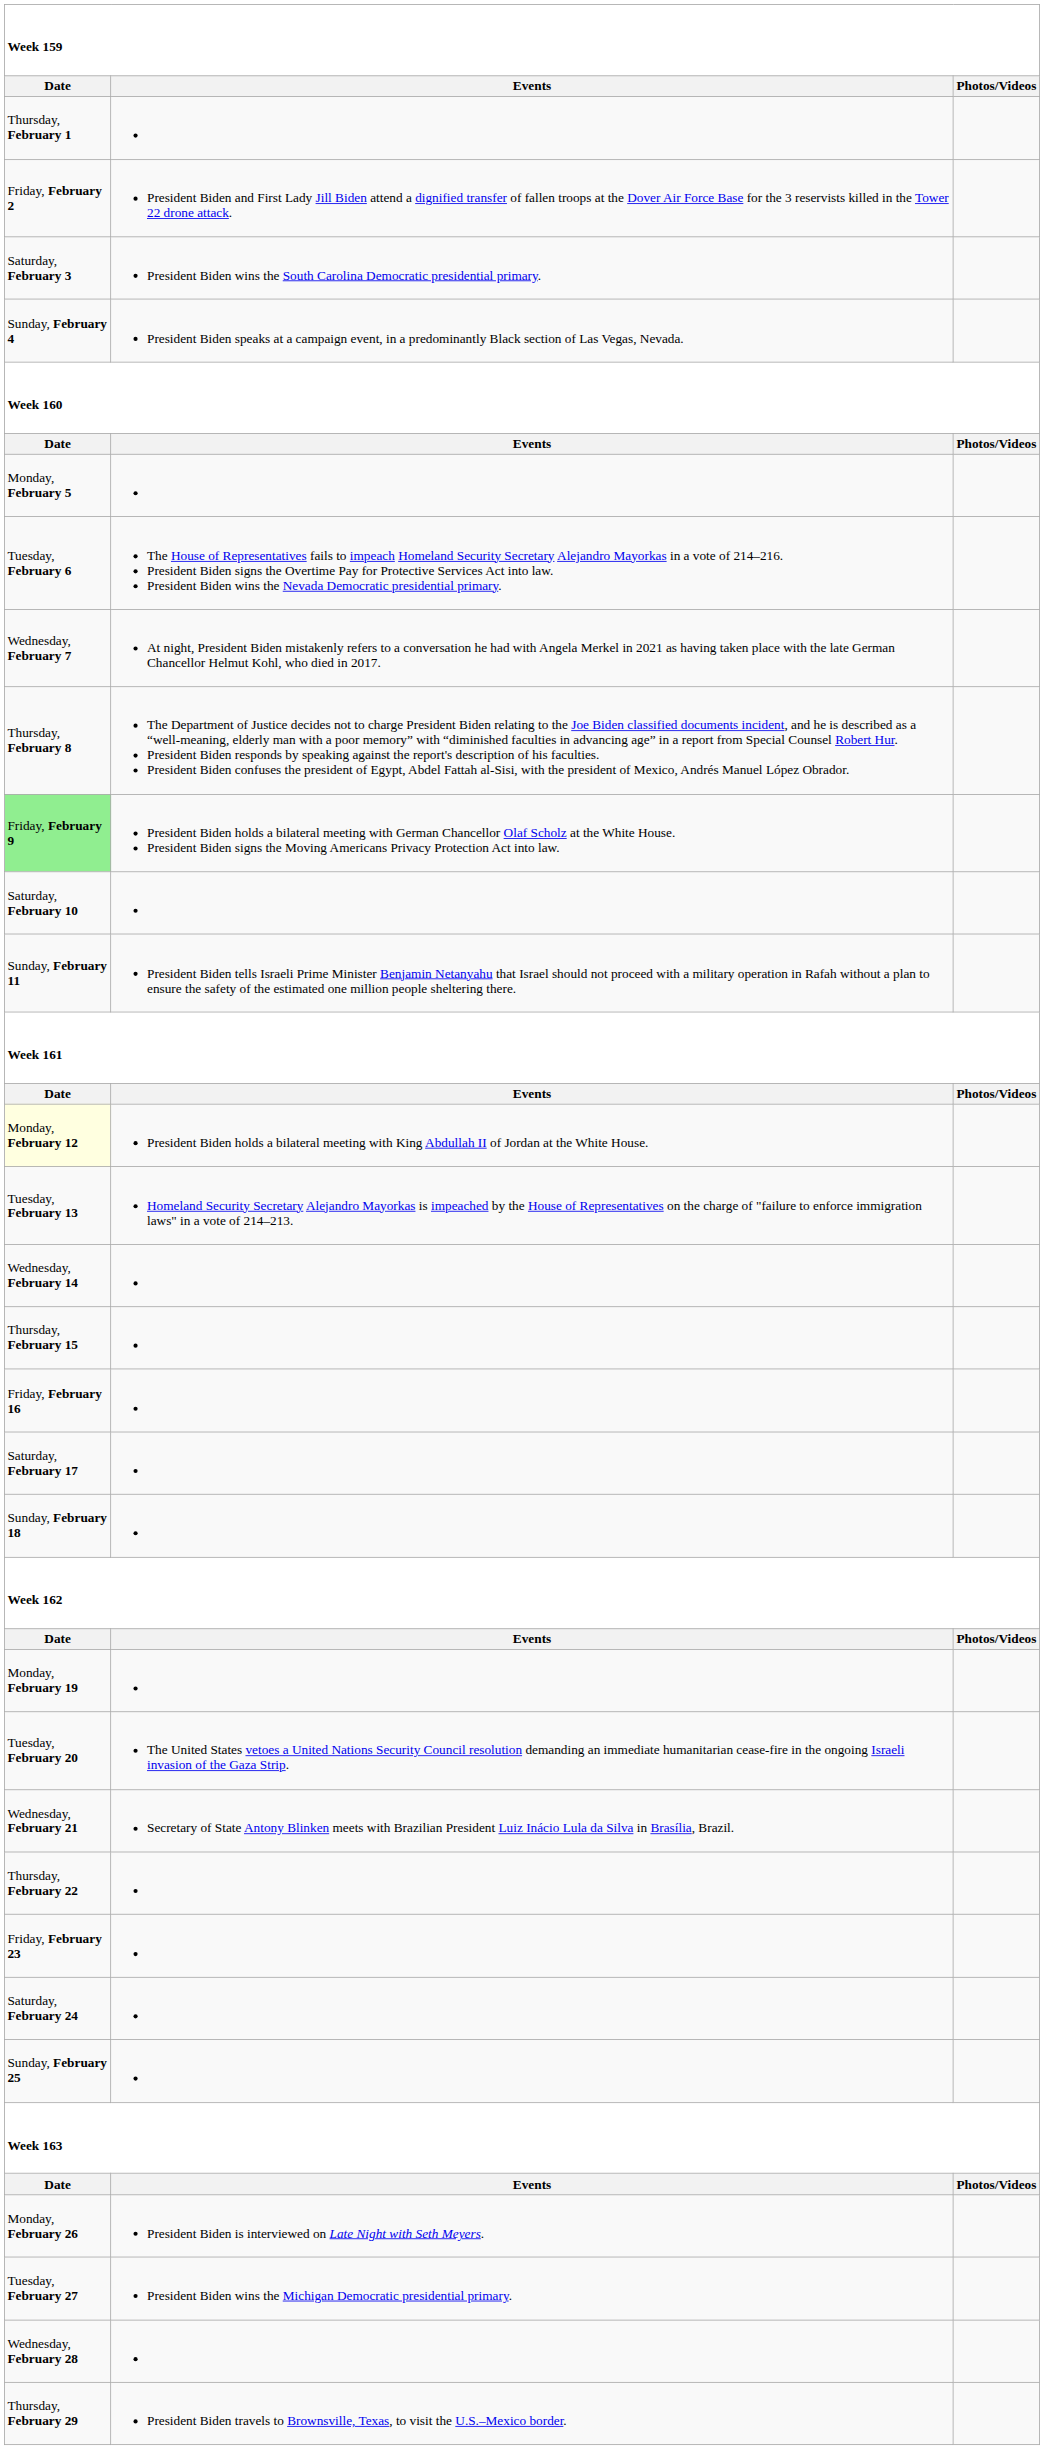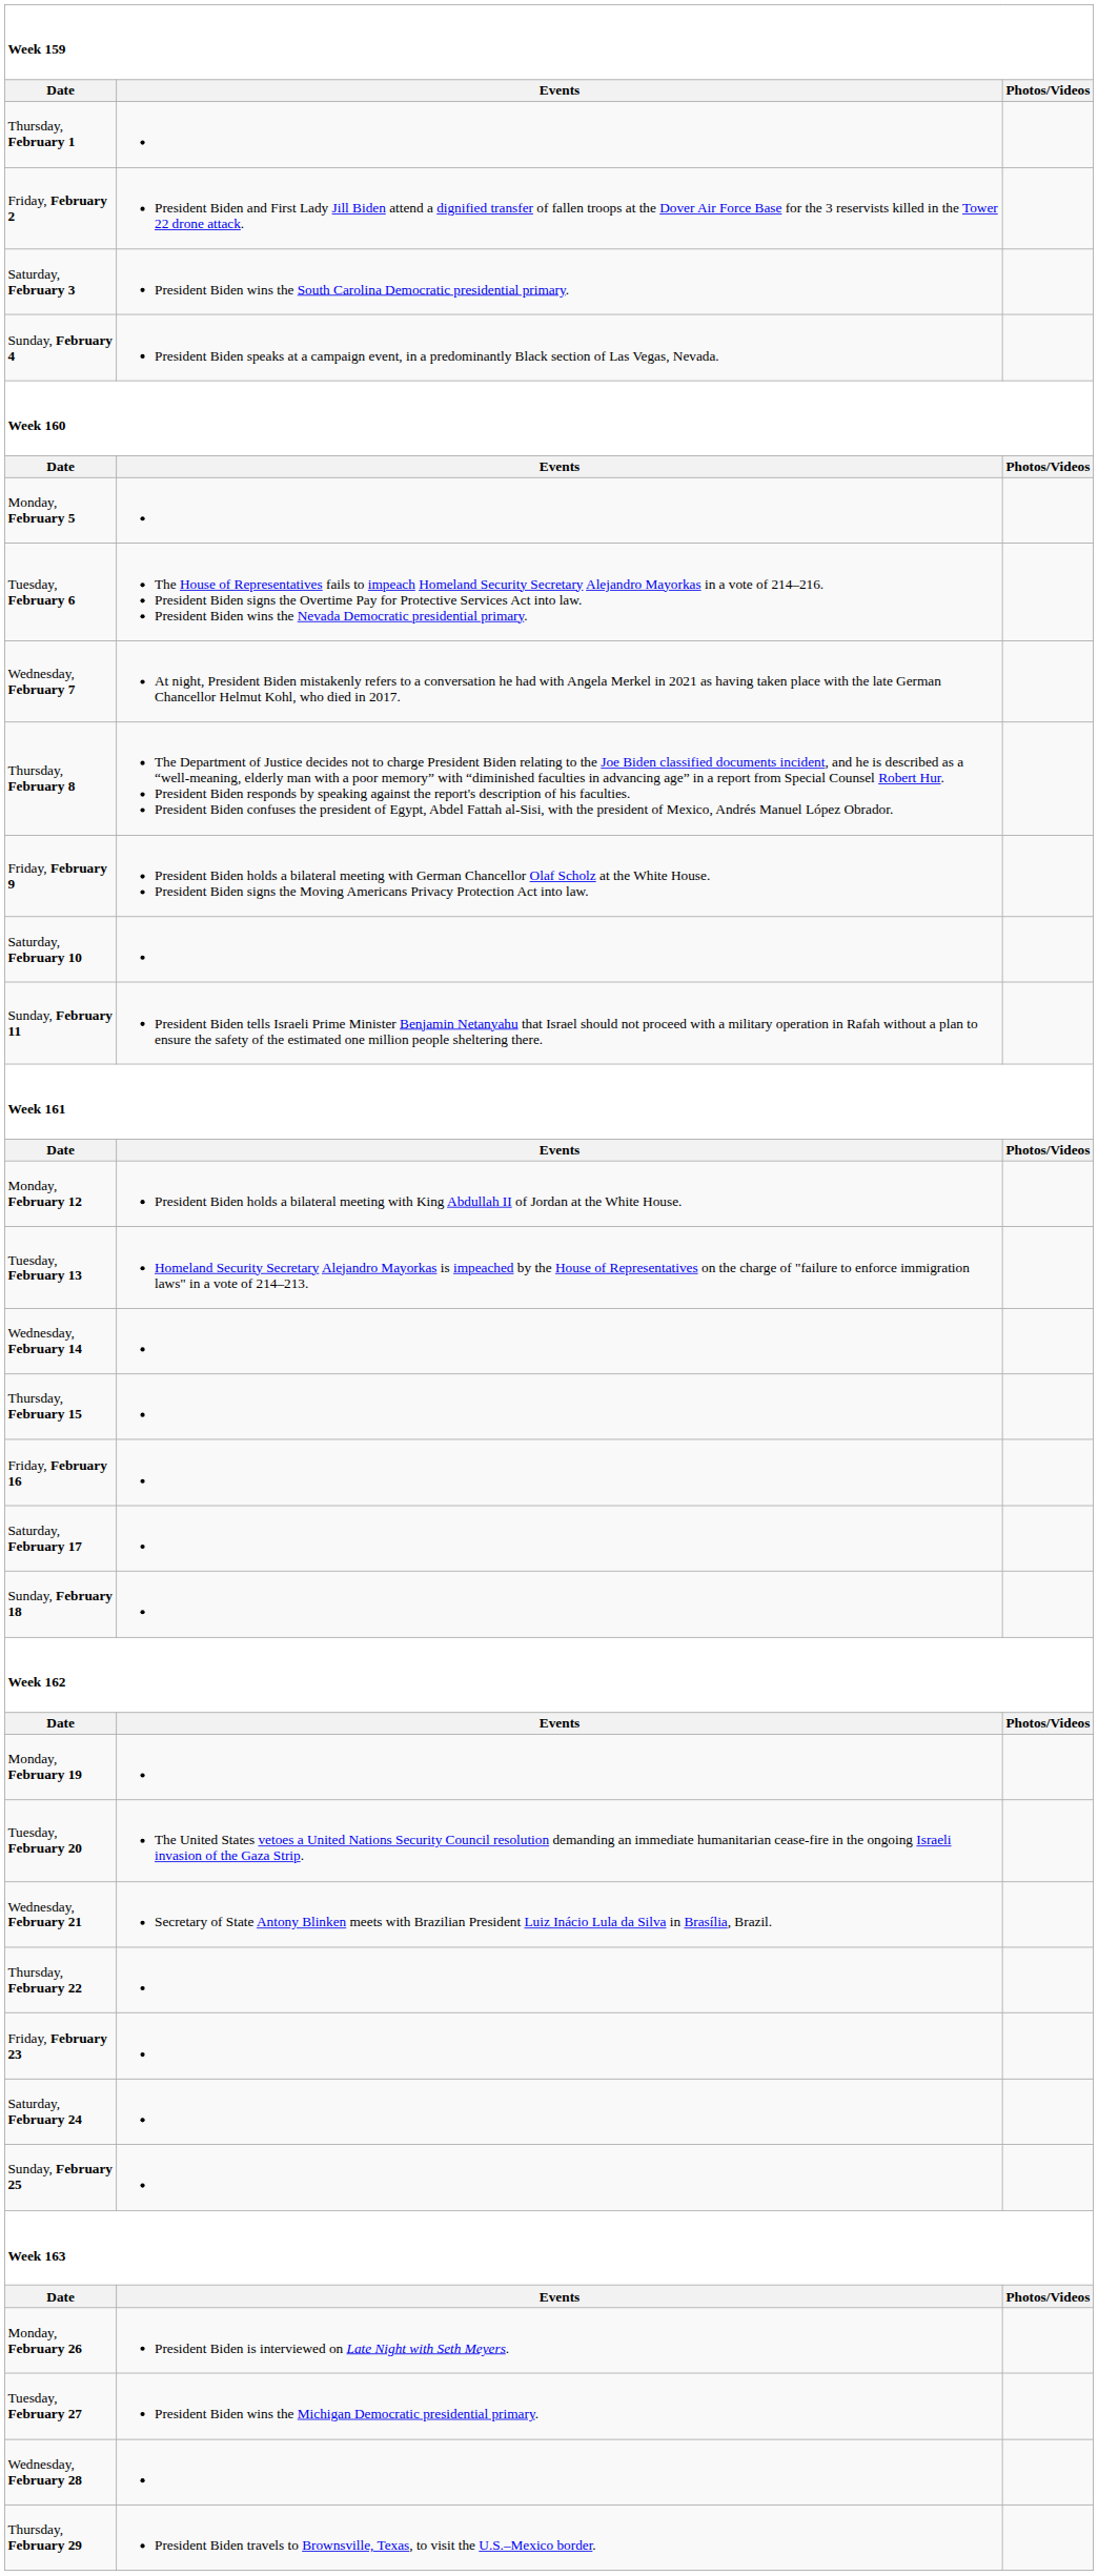 <table class="wikitable">
 <tr style="background:white;">
 <td colspan="3"><br><h4>Week 159</h4></td>
 </tr>
 <tr>
 <th>Date</th>
 <th>Events</th>
 <th>Photos/Videos</th>
 </tr>
 <tr>
 <td>Thursday, <strong>February 1</strong></td>
 <td><br><ul><li></li></ul></td>
 <td></td>
 </tr>
 <tr>
 <td>Friday, <strong>February 2</strong></td>
 <td><br><ul><li>President Biden and First Lady <a href='#'>Jill Biden</a> attend a <a href='#'>dignified transfer</a> of fallen troops at the <a href='#'>Dover Air Force Base</a> for the 3 reservists killed in the <a href='#'>Tower 22 drone attack</a>.</li></ul></td>
 <td></td>
 </tr>
 <tr>
 <td>Saturday, <strong>February 3</strong></td>
 <td><br><ul><li>President Biden wins the <a href='#'>South Carolina Democratic presidential primary</a>.</li></ul></td>
 <td></td>
 </tr>
 <tr>
 <td>Sunday, <strong>February 4</strong></td>
 <td><br><ul><li>President Biden speaks at a campaign event, in a predominantly Black section of Las Vegas, Nevada.</li></ul></td>
 <td></td>
 </tr>
 <tr style="background:white;">
 <td colspan="3"><br><h4>Week 160</h4></td>
 </tr>
 <tr>
 <th>Date</th>
 <th>Events</th>
 <th>Photos/Videos</th>
 </tr>
 <tr>
 <td>Monday, <strong>February 5</strong></td>
 <td><br><ul><li></li></ul></td>
 <td></td>
 </tr>
 <tr>
 <td>Tuesday, <strong>February 6</strong></td>
 <td><br><ul><li>The <a href='#'>House of Representatives</a> fails to <a href='#'>impeach</a> <a href='#'>Homeland Security Secretary</a> <a href='#'>Alejandro Mayorkas</a> in a vote of 214–216.</li><li>President Biden signs the Overtime Pay for Protective Services Act into law.</li><li>President Biden wins the <a href='#'>Nevada Democratic presidential primary</a>.</li></ul></td>
 <td></td>
 </tr>
 <tr>
 <td>Wednesday, <strong>February 7</strong></td>
 <td><br><ul><li>At night, President Biden mistakenly refers to a conversation he had with Angela Merkel in 2021 as having taken place with the late German Chancellor Helmut Kohl, who died in 2017.</li></ul></td>
 <td></td>
 </tr>
 <tr>
 <td>Thursday, <strong>February 8</strong></td>
 <td><br><ul><li>The Department of Justice decides not to charge President Biden relating to the <a href='#'>Joe Biden classified documents incident</a>, and he is described as a “well-meaning, elderly man with a poor memory” with “diminished faculties in advancing age” in a report from Special Counsel <a href='#'>Robert Hur</a>.</li><li>President Biden responds by speaking against the report's description of his faculties.</li><li>President Biden confuses the president of Egypt, Abdel Fattah al-Sisi, with the president of Mexico, Andrés Manuel López Obrador.</li></ul></td>
 <td></td>
 </tr>
 <tr>
-<td style="background: lightgreen;">Friday, <strong>February 9</strong></td>
+<td>Friday, <strong>February 9</strong></td>
 <td><br><ul><li>President Biden holds a bilateral meeting with German Chancellor <a href='#'>Olaf Scholz</a> at the White House.</li><li>President Biden signs the Moving Americans Privacy Protection Act into law.</li></ul></td>
 <td></td>
 </tr>
 <tr>
 <td>Saturday, <strong>February 10</strong></td>
 <td><br><ul><li></li></ul></td>
 <td></td>
 </tr>
 <tr>
 <td>Sunday, <strong>February 11</strong></td>
 <td><br><ul><li>President Biden tells Israeli Prime Minister <a href='#'>Benjamin Netanyahu</a> that Israel should not proceed with a military operation in Rafah without a plan to ensure the safety of the estimated one million people sheltering there.</li></ul></td>
 <td></td>
 </tr>
 <tr style="background:white;">
 <td colspan="3"><br><h4>Week 161</h4></td>
 </tr>
 <tr>
 <th>Date</th>
 <th>Events</th>
 <th>Photos/Videos</th>
 </tr>
 <tr>
-<td style="background: lightyellow;">Monday, <strong>February 12</strong></td>
+<td>Monday, <strong>February 12</strong></td>
 <td><br><ul><li>President Biden holds a bilateral meeting with King <a href='#'>Abdullah II</a> of Jordan at the White House.</li></ul></td>
 <td></td>
 </tr>
 <tr>
 <td>Tuesday, <strong>February 13</strong></td>
 <td><br><ul><li><a href='#'>Homeland Security Secretary</a> <a href='#'>Alejandro Mayorkas</a> is <a href='#'>impeached</a> by the <a href='#'>House of Representatives</a> on the charge of "failure to enforce immigration laws" in a vote of 214–213.</li></ul></td>
 <td></td>
 </tr>
 <tr>
 <td>Wednesday, <strong>February 14</strong></td>
 <td><br><ul><li></li></ul></td>
 <td></td>
 </tr>
 <tr>
 <td>Thursday, <strong>February 15</strong></td>
 <td><br><ul><li></li></ul></td>
 <td></td>
 </tr>
 <tr>
 <td>Friday, <strong>February 16</strong></td>
 <td><br><ul><li></li></ul></td>
 <td></td>
 </tr>
 <tr>
 <td>Saturday, <strong>February 17</strong></td>
 <td><br><ul><li></li></ul></td>
 <td></td>
 </tr>
 <tr>
 <td>Sunday, <strong>February 18</strong></td>
 <td><br><ul><li></li></ul></td>
 <td></td>
 </tr>
 <tr style="background:white;">
 <td colspan="3"><br><h4>Week 162</h4></td>
 </tr>
 <tr>
 <th>Date</th>
 <th>Events</th>
 <th>Photos/Videos</th>
 </tr>
 <tr>
 <td>Monday, <strong>February 19</strong></td>
 <td><br><ul><li></li></ul></td>
 <td></td>
 </tr>
 <tr>
 <td>Tuesday, <strong>February 20</strong></td>
 <td><br><ul><li>The United States <a href='#'>vetoes a United Nations Security Council resolution</a> demanding an immediate humanitarian cease-fire in the ongoing <a href='#'>Israeli invasion of the Gaza Strip</a>.</li></ul></td>
 <td></td>
 </tr>
 <tr>
 <td>Wednesday, <strong>February 21</strong></td>
 <td><br><ul><li>Secretary of State <a href='#'>Antony Blinken</a> meets with Brazilian President <a href='#'>Luiz Inácio Lula da Silva</a> in <a href='#'>Brasília</a>, Brazil.</li></ul></td>
 <td></td>
 </tr>
 <tr>
 <td>Thursday, <strong>February 22</strong></td>
 <td><br><ul><li></li></ul></td>
 <td></td>
 </tr>
 <tr>
 <td>Friday, <strong>February 23</strong></td>
 <td><br><ul><li></li></ul></td>
 <td></td>
 </tr>
 <tr>
 <td>Saturday, <strong>February 24</strong></td>
 <td><br><ul><li></li></ul></td>
 <td></td>
 </tr>
 <tr>
 <td>Sunday, <strong>February 25</strong></td>
 <td><br><ul><li></li></ul></td>
 <td></td>
 </tr>
 <tr style="background:white;">
 <td colspan="3"><br><h4>Week 163</h4></td>
 </tr>
 <tr>
 <th>Date</th>
 <th>Events</th>
 <th>Photos/Videos</th>
 </tr>
 <tr>
 <td>Monday, <strong>February 26</strong></td>
 <td><br><ul><li>President Biden is interviewed on <em><a href='#'>Late Night with Seth Meyers</a></em>.</li></ul></td>
 <td></td>
 </tr>
 <tr>
 <td>Tuesday, <strong>February 27</strong></td>
 <td><br><ul><li>President Biden wins the <a href='#'>Michigan Democratic presidential primary</a>.</li></ul></td>
 <td></td>
 </tr>
 <tr>
 <td>Wednesday, <strong>February 28</strong></td>
 <td><br><ul><li></li></ul></td>
 <td></td>
 </tr>
 <tr>
 <td>Thursday, <strong>February 29</strong></td>
 <td><br><ul><li>President Biden travels to <a href='#'>Brownsville, Texas</a>, to visit the <a href='#'>U.S.–Mexico border</a>.</li></ul></td>
 <td></td>
 </tr>
 </table>
